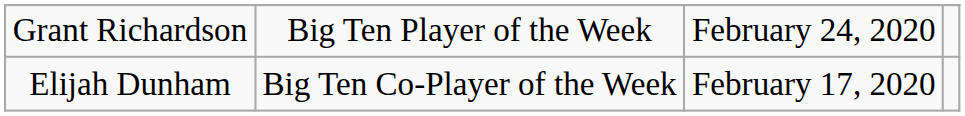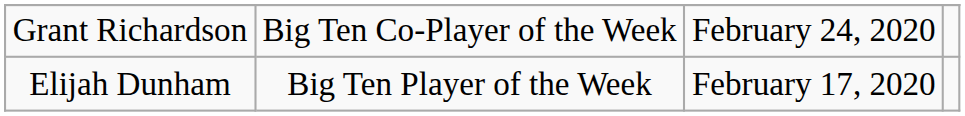 <table class="wikitable sortable" style="text-align: center">
 <tr align=center>
 </tr>
 <tr>
 <td>Grant Richardson</td>
-<td rowspan="1">Big Ten Player of the Week</td>
+<td rowspan="1">Big Ten Co-Player of the Week</td>
 <td rowspan="1">February 24, 2020</td>
 <td rowspan="1"></td>
 </tr>
 <tr>
 <td>Elijah Dunham</td>
-<td rowspan="1">Big Ten Co-Player of the Week</td>
+<td rowspan="1">Big Ten Player of the Week</td>
 <td rowspan="1">February 17, 2020</td>
 <td rowspan="1"></td>
 </tr>
 </table>
